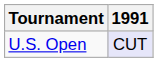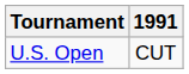 <table class="wikitable" style="font-size:95%;">
 <tr>
 <th>Tournament</th>
 <th>1991</th>
 </tr>
 <tr>
 <td><a href='#'>U.S. Open</a></td>
-<td align="center" style="background: lavender;">CUT</td>
+<td align="center">CUT</td>
 </tr>
 </table>
